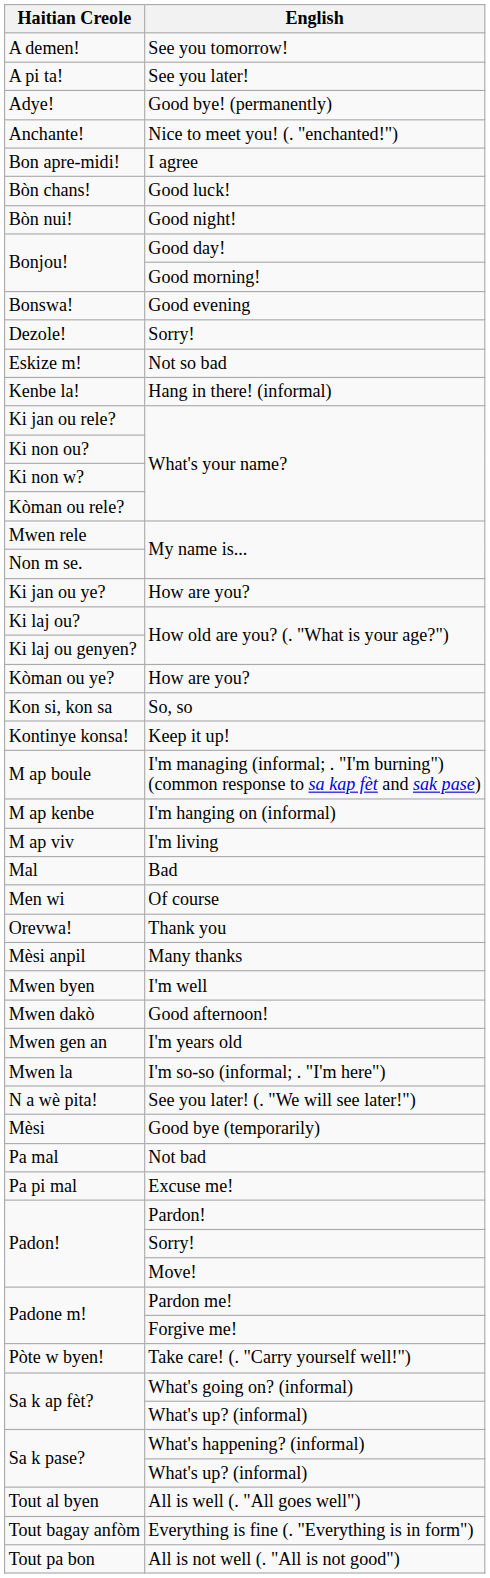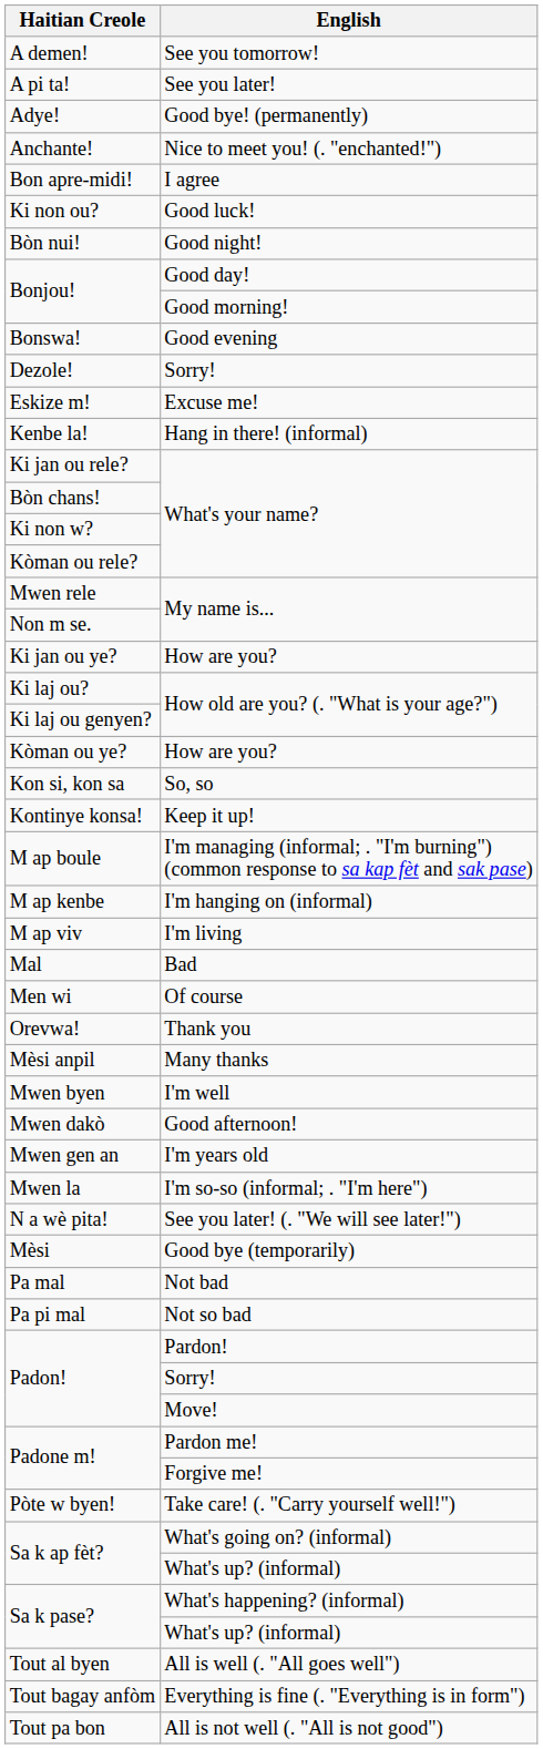 <table class="wikitable">
 <tr>
 <th>Haitian Creole</th>
 <th>English</th>
 </tr>
 <tr>
 <td>A demen!</td>
 <td>See you tomorrow!</td>
 </tr>
 <tr>
 <td>A pi ta!</td>
 <td>See you later!</td>
 </tr>
 <tr>
 <td>Adye!</td>
 <td>Good bye! (permanently)</td>
 </tr>
 <tr>
 <td>Anchante!</td>
 <td>Nice to meet you! (. "enchanted!")</td>
 </tr>
 <tr>
 <td>Bon apre-midi!</td>
 <td>I agree</td>
 </tr>
 <tr>
-<td>Bòn chans!</td>
+<td>Ki non ou?</td>
 <td>Good luck!</td>
 </tr>
 <tr>
 <td>Bòn nui!</td>
 <td>Good night!</td>
 </tr>
 <tr>
 <td rowspan="2">Bonjou!</td>
 <td>Good day!</td>
 </tr>
 <tr>
 <td>Good morning!</td>
 </tr>
 <tr>
 <td>Bonswa!</td>
 <td>Good evening</td>
 </tr>
 <tr>
 <td>Dezole!</td>
 <td>Sorry!</td>
 </tr>
 <tr>
 <td>Eskize m!</td>
-<td>Not so bad</td>
+<td>Excuse me!</td>
 </tr>
 <tr>
 <td>Kenbe la!</td>
 <td>Hang in there! (informal)</td>
 </tr>
 <tr>
 <td>Ki jan ou rele?</td>
 <td rowspan="4">What's your name?</td>
 </tr>
 <tr>
-<td>Ki non ou?</td>
+<td>Bòn chans!</td>
 </tr>
 <tr>
 <td>Ki non w?</td>
 </tr>
 <tr>
 <td>Kòman ou rele?</td>
 </tr>
 <tr>
 <td>Mwen rele</td>
 <td rowspan="2">My name is...</td>
 </tr>
 <tr>
 <td>Non m se.</td>
 </tr>
 <tr>
 <td>Ki jan ou ye?</td>
 <td>How are you?</td>
 </tr>
 <tr>
 <td>Ki laj ou?</td>
 <td rowspan="2">How old are you? (. "What is your age?")</td>
 </tr>
 <tr>
 <td>Ki laj ou genyen?</td>
 </tr>
 <tr>
 <td>Kòman ou ye?</td>
 <td>How are you?</td>
 </tr>
 <tr>
 <td>Kon si, kon sa</td>
 <td>So, so</td>
 </tr>
 <tr>
 <td>Kontinye konsa!</td>
 <td>Keep it up!</td>
 </tr>
 <tr>
 <td>M ap boule</td>
 <td>I'm managing (informal; . "I'm burning")<br>(common response to <em><a href='#'>sa kap fèt</a></em> and <em><a href='#'>sak pase</a></em>)</td>
 </tr>
 <tr>
 <td>M ap kenbe</td>
 <td>I'm hanging on (informal)</td>
 </tr>
 <tr>
 <td>M ap viv</td>
 <td>I'm living</td>
 </tr>
 <tr>
 <td>Mal</td>
 <td>Bad</td>
 </tr>
 <tr>
 <td>Men wi</td>
 <td>Of course</td>
 </tr>
 <tr>
 <td>Orevwa!</td>
 <td>Thank you</td>
 </tr>
 <tr>
 <td>Mèsi anpil</td>
 <td>Many thanks</td>
 </tr>
 <tr>
 <td>Mwen byen</td>
 <td>I'm well</td>
 </tr>
 <tr>
 <td>Mwen dakò</td>
 <td>Good afternoon!</td>
 </tr>
 <tr>
 <td>Mwen gen an</td>
 <td>I'm years old</td>
 </tr>
 <tr>
 <td>Mwen la</td>
 <td>I'm so-so (informal; . "I'm here")</td>
 </tr>
 <tr>
 <td>N a wè pita!</td>
 <td>See you later! (. "We will see later!")</td>
 </tr>
 <tr>
 <td>Mèsi</td>
 <td>Good bye (temporarily)</td>
 </tr>
 <tr>
 <td>Pa mal</td>
 <td>Not bad</td>
 </tr>
 <tr>
 <td>Pa pi mal</td>
-<td>Excuse me!</td>
+<td>Not so bad</td>
 </tr>
 <tr>
 <td rowspan="3">Padon!</td>
 <td>Pardon!</td>
 </tr>
 <tr>
 <td>Sorry!</td>
 </tr>
 <tr>
 <td>Move!</td>
 </tr>
 <tr>
 <td rowspan="2">Padone m!</td>
 <td>Pardon me!</td>
 </tr>
 <tr>
 <td>Forgive me!</td>
 </tr>
 <tr>
 <td>Pòte w byen!</td>
 <td>Take care! (. "Carry yourself well!")</td>
 </tr>
 <tr>
 <td rowspan="2" id="sakapfèt">Sa k ap fèt?</td>
 <td>What's going on? (informal)</td>
 </tr>
 <tr>
 <td>What's up? (informal)</td>
 </tr>
 <tr>
 <td rowspan="2" id="sakpase">Sa k pase?</td>
 <td>What's happening? (informal)</td>
 </tr>
 <tr>
 <td>What's up? (informal)</td>
 </tr>
 <tr>
 <td>Tout al byen</td>
 <td>All is well (. "All goes well")</td>
 </tr>
 <tr>
 <td>Tout bagay anfòm</td>
 <td>Everything is fine (. "Everything is in form")</td>
 </tr>
 <tr>
 <td>Tout pa bon</td>
 <td>All is not well (. "All is not good")</td>
 </tr>
 </table>
